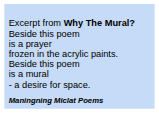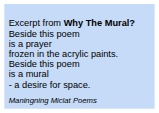 <table class="toccolours" style="float: right; margin-left: 1em; margin-right: 1em; font-size: 85%; background:#c6dbf7; color:black; width:23em; max-width: 25%;" cellspacing="5">
 <tr>
 <td style="text-align: left;"><br>Excerpt from <strong>Why The Mural?</strong><br>Beside this poem<br> is a prayer<br> frozen in the acrylic paints.<br>Beside this poem<br> is a mural<br> - a desire for space.<br></td>
 </tr>
 <tr>
-<td style="text-align: left;"><strong><small><em>Maningning Miclat Poems</em></small></strong></td>
+<td style="text-align: left;"><small><em>Maningning Miclat Poems</em></small></td>
 </tr>
 </table>
